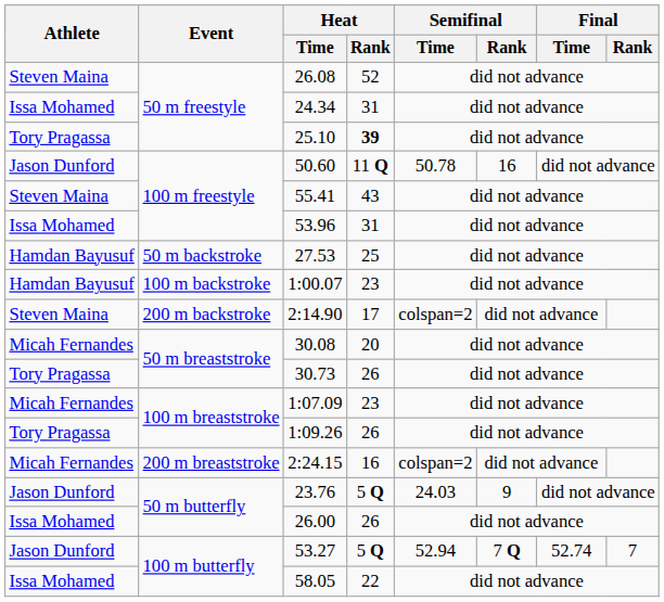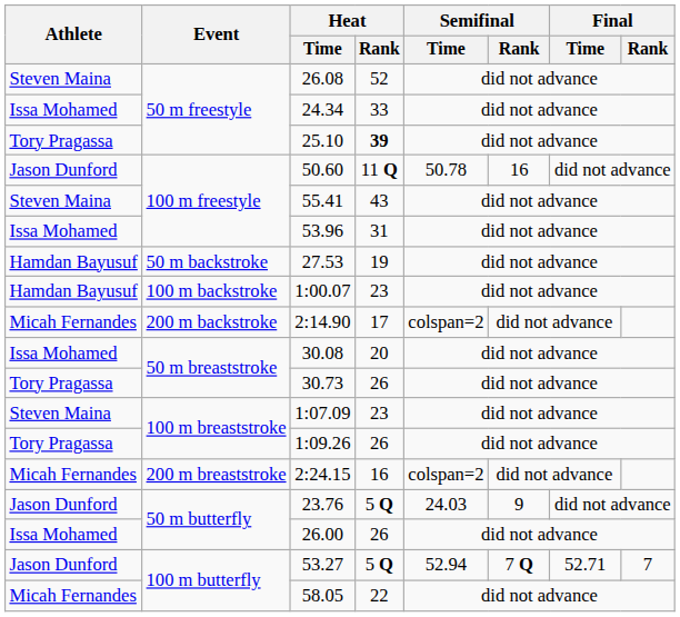 <table class=wikitable style=font-size:90%>
 <tr>
 <th rowspan=2>Athlete</th>
 <th rowspan=2>Event</th>
 <th colspan=2>Heat</th>
 <th colspan=2>Semifinal</th>
 <th colspan=2>Final</th>
 </tr>
 <tr style=font-size:95%>
 <th>Time</th>
 <th>Rank</th>
 <th>Time</th>
 <th>Rank</th>
 <th>Time</th>
 <th>Rank</th>
 </tr>
 <tr align=center>
 <td align=left><a href='#'>Steven Maina</a></td>
 <td align=left rowspan=3><a href='#'>50 m freestyle</a></td>
 <td>26.08</td>
 <td>52</td>
 <td colspan=4>did not advance</td>
 </tr>
 <tr align=center>
 <td align=left><a href='#'>Issa Mohamed</a></td>
 <td>24.34</td>
-<td>31</td>
+<td>33</td>
 <td colspan=4>did not advance</td>
 </tr>
 <tr align=center>
 <td align=left><a href='#'>Tory Pragassa</a></td>
 <td>25.10</td>
 <td><strong>39</strong></td>
 <td colspan=4>did not advance</td>
 </tr>
 <tr align=center>
 <td align=left><a href='#'>Jason Dunford</a></td>
 <td align=left rowspan=3><a href='#'>100 m freestyle</a></td>
 <td>50.60</td>
 <td>11 <strong>Q</strong></td>
 <td>50.78</td>
 <td>16</td>
 <td colspan=2>did not advance</td>
 </tr>
 <tr align=center>
 <td align=left><a href='#'>Steven Maina</a></td>
 <td>55.41</td>
 <td>43</td>
 <td colspan=4>did not advance</td>
 </tr>
 <tr align=center>
 <td align=left><a href='#'>Issa Mohamed</a></td>
 <td>53.96</td>
 <td>31</td>
 <td colspan=4>did not advance</td>
 </tr>
 <tr align=center>
 <td align=left><a href='#'>Hamdan Bayusuf</a></td>
 <td align=left><a href='#'>50 m backstroke</a></td>
 <td>27.53</td>
-<td>25</td>
+<td>19</td>
 <td colspan=4>did not advance</td>
 </tr>
 <tr align=center>
 <td align=left><a href='#'>Hamdan Bayusuf</a></td>
 <td align=left><a href='#'>100 m backstroke</a></td>
 <td>1:00.07</td>
 <td>23</td>
 <td colspan=4>did not advance</td>
 </tr>
 <tr align=center>
-<td align=left><a href='#'>Steven Maina</a></td>
+<td align=left><a href='#'>Micah Fernandes</a></td>
 <td align=left><a href='#'>200 m backstroke</a></td>
 <td>2:14.90</td>
 <td>17</td>
 <td>colspan=2 </td>
 <td colspan=2>did not advance</td>
 </tr>
 <tr align=center>
-<td align=left><a href='#'>Micah Fernandes</a></td>
+<td align=left><a href='#'>Issa Mohamed</a></td>
 <td align=left rowspan=2><a href='#'>50 m breaststroke</a></td>
 <td>30.08</td>
 <td>20</td>
 <td colspan=4>did not advance</td>
 </tr>
 <tr align=center>
 <td align=left><a href='#'>Tory Pragassa</a></td>
 <td>30.73</td>
 <td>26</td>
 <td colspan=4>did not advance</td>
 </tr>
 <tr align=center>
-<td align=left><a href='#'>Micah Fernandes</a></td>
+<td align=left><a href='#'>Steven Maina</a></td>
 <td align=left rowspan=2><a href='#'>100 m breaststroke</a></td>
 <td>1:07.09</td>
 <td>23</td>
 <td colspan=4>did not advance</td>
 </tr>
 <tr align=center>
 <td align=left><a href='#'>Tory Pragassa</a></td>
 <td>1:09.26</td>
 <td>26</td>
 <td colspan=4>did not advance</td>
 </tr>
 <tr align=center>
 <td align=left><a href='#'>Micah Fernandes</a></td>
 <td align=left><a href='#'>200 m breaststroke</a></td>
 <td>2:24.15</td>
 <td>16</td>
 <td>colspan=2 </td>
 <td colspan=2>did not advance</td>
 </tr>
 <tr align=center>
 <td align=left><a href='#'>Jason Dunford</a></td>
 <td align=left rowspan=2><a href='#'>50 m butterfly</a></td>
 <td>23.76</td>
 <td>5 <strong>Q</strong></td>
 <td>24.03</td>
 <td>9</td>
 <td colspan=2>did not advance</td>
 </tr>
 <tr align=center>
 <td align=left><a href='#'>Issa Mohamed</a></td>
 <td>26.00</td>
 <td>26</td>
 <td colspan=4>did not advance</td>
 </tr>
 <tr align=center>
 <td align=left><a href='#'>Jason Dunford</a></td>
 <td align=left rowspan=2><a href='#'>100 m butterfly</a></td>
 <td>53.27</td>
 <td>5 <strong>Q</strong></td>
 <td>52.94</td>
 <td>7 <strong>Q</strong></td>
-<td>52.74</td>
+<td>52.71</td>
 <td>7</td>
 </tr>
 <tr align=center>
-<td align=left><a href='#'>Issa Mohamed</a></td>
+<td align=left><a href='#'>Micah Fernandes</a></td>
 <td>58.05</td>
 <td>22</td>
 <td colspan=4>did not advance</td>
 </tr>
 </table>
